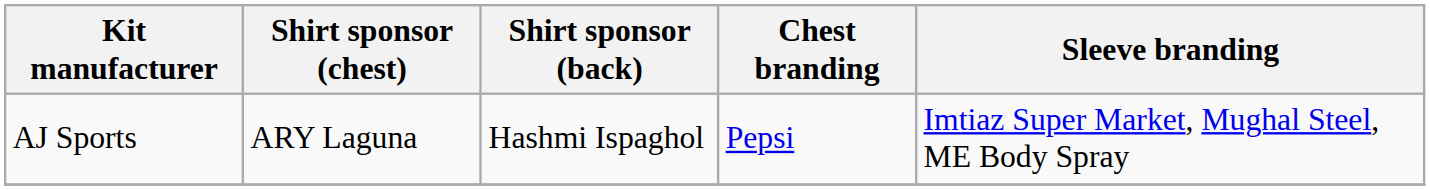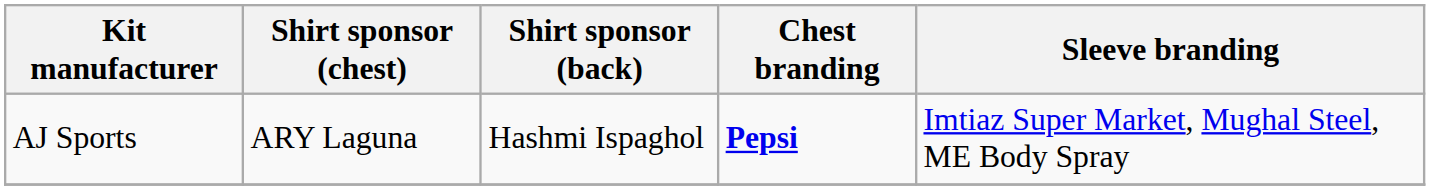 <table class="wikitable"  style="font-size:85%;">
 <tr>
 <th>Kit manufacturer</th>
 <th>Shirt sponsor (chest)</th>
 <th>Shirt sponsor (back)</th>
 <th>Chest branding</th>
 <th>Sleeve branding</th>
 </tr>
 <tr>
 <td>AJ Sports</td>
 <td>ARY Laguna</td>
 <td>Hashmi Ispaghol</td>
-<td><a href='#'>Pepsi</a></td>
+<td><strong><a href='#'>Pepsi</a></strong></td>
 <td><a href='#'>Imtiaz Super Market</a>, <a href='#'>Mughal Steel</a>, ME Body Spray</td>
 </tr>
 <tr>
 </tr>
 </table>
